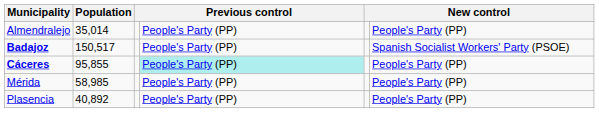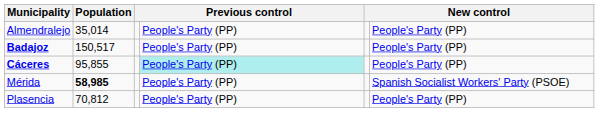 <table class="wikitable sortable">
 <tr>
 <th>Municipality</th>
 <th>Population</th>
 <th colspan="2" style="width:375px;">Previous control</th>
 <th colspan="2" style="width:375px;">New control</th>
 </tr>
 <tr>
 <td><a href='#'>Almendralejo</a></td>
 <td>35,014</td>
 <td width="1" style="color:inherit;background:"></td>
 <td><a href='#'>People's Party</a> (PP)</td>
 <td width="1" style="color:inherit;background:"></td>
 <td><a href='#'>People's Party</a> (PP)</td>
 </tr>
 <tr>
 <td><strong><a href='#'>Badajoz</a></strong></td>
 <td>150,517</td>
 <td style="color:inherit;background:"></td>
 <td><a href='#'>People's Party</a> (PP)</td>
 <td style="color:inherit;background:"></td>
-<td><a href='#'>Spanish Socialist Workers' Party</a> (PSOE)</td>
+<td><a href='#'>People's Party</a> (PP)</td>
 </tr>
 <tr>
 <td><strong><a href='#'>Cáceres</a></strong></td>
 <td>95,855</td>
 <td style="color:inherit;background:"></td>
 <td style="background: paleturquoise;"><a href='#'>People's Party</a> (PP)</td>
 <td style="color:inherit;background:"></td>
 <td><a href='#'>People's Party</a> (PP)</td>
 </tr>
 <tr>
 <td><a href='#'>Mérida</a></td>
-<td>58,985</td>
+<td><strong>58,985</strong></td>
 <td style="color:inherit;background:"></td>
 <td><a href='#'>People's Party</a> (PP)</td>
 <td style="color:inherit;background:"></td>
-<td><a href='#'>People's Party</a> (PP)</td>
+<td><a href='#'>Spanish Socialist Workers' Party</a> (PSOE)</td>
 </tr>
 <tr>
 <td><a href='#'>Plasencia</a></td>
-<td>40,892</td>
+<td>70,812</td>
 <td style="color:inherit;background:"></td>
 <td><a href='#'>People's Party</a> (PP)</td>
 <td style="color:inherit;background:"></td>
 <td><a href='#'>People's Party</a> (PP)</td>
 </tr>
 </table>
